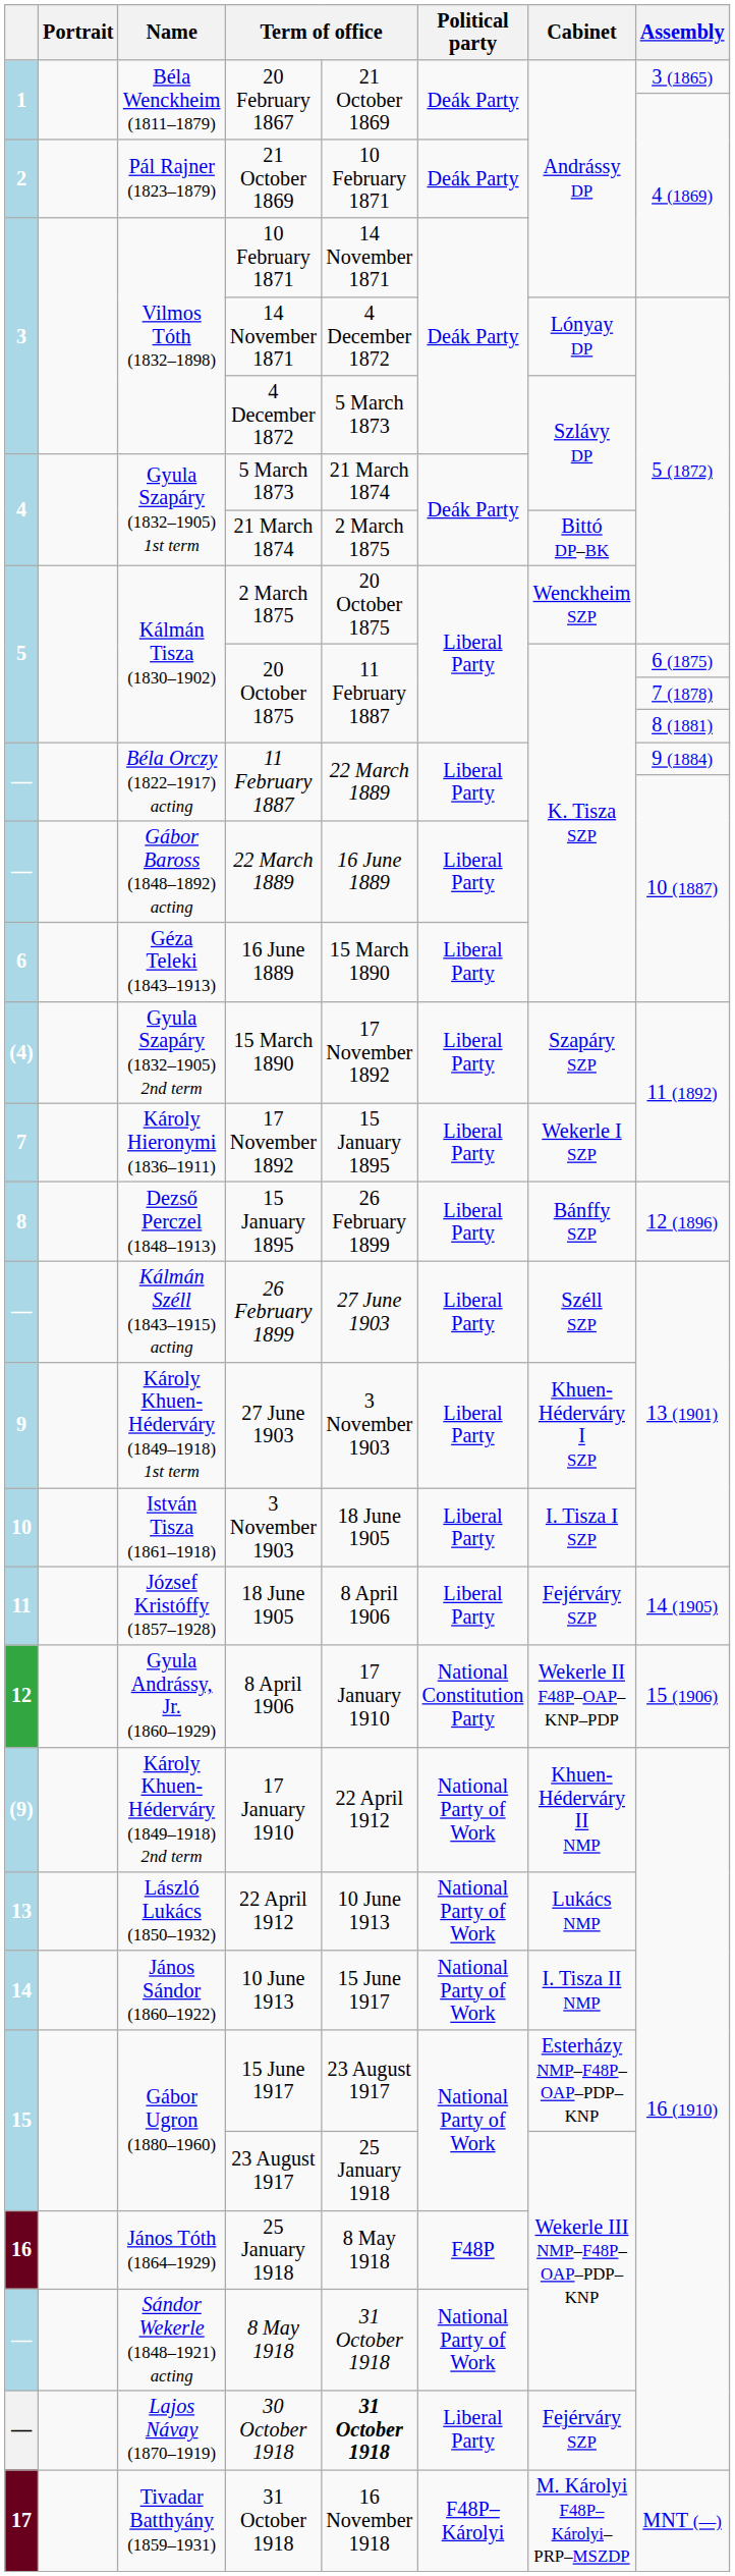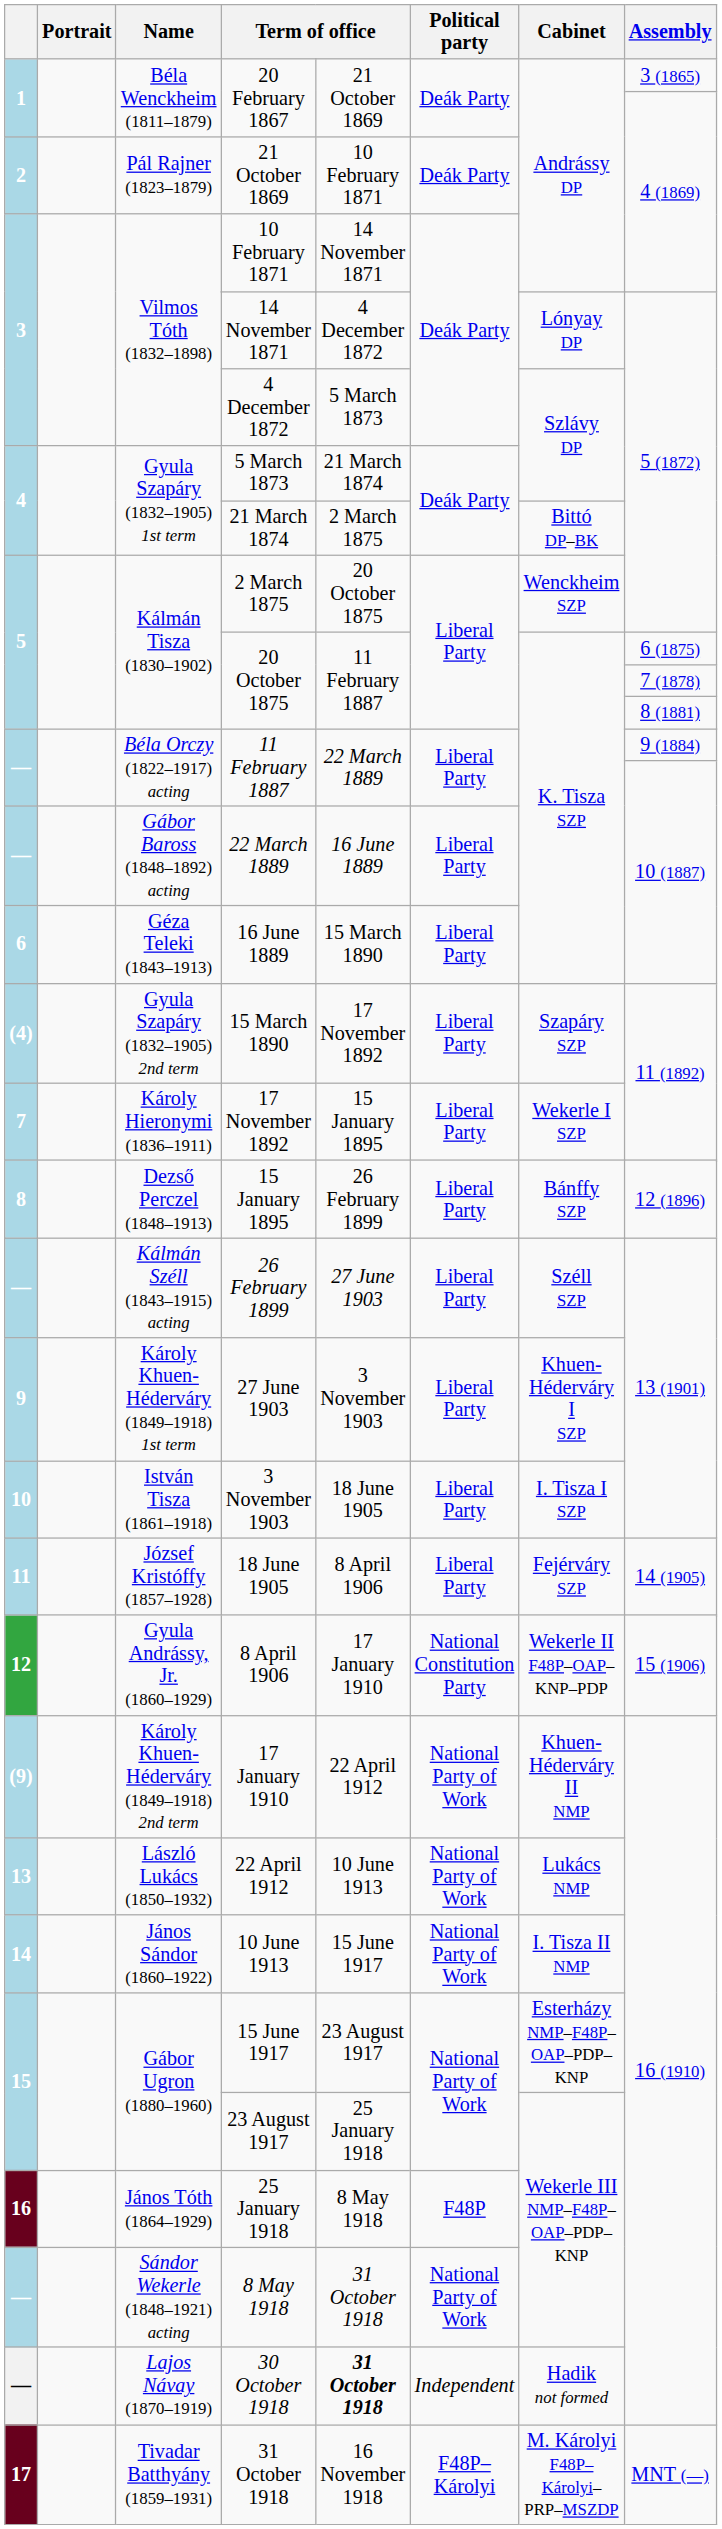 <table class="wikitable" style="width:90%; text-align:center;">
 <tr>
 <th></th>
 <th>Portrait</th>
 <th>Name<br></th>
 <th colspan=2>Term of office</th>
 <th>Political party</th>
 <th>Cabinet</th>
 <th><a href='#'>Assembly</a><br></th>
 </tr>
 <tr>
 <th rowspan="2" style="background:#aad8e6; color:white;">1</th>
 <td rowspan="2"></td>
 <td rowspan="2"><a href='#'>Béla Wenckheim</a><br><small>(1811–1879)</small></td>
 <td rowspan="2">20 February 1867</td>
 <td rowspan="2">21 October 1869</td>
 <td rowspan="2"><a href='#'>Deák Party</a></td>
 <td rowspan="4"><a href='#'>Andrássy</a><br><small><a href='#'>DP</a></small></td>
 <td><a href='#'>3 <small>(1865)</small></a></td>
 </tr>
 <tr>
 <td rowspan="4"><a href='#'>4 <small>(1869)</small></a></td>
 </tr>
 <tr>
 <th style="background:#aad8e6; color:white;">2</th>
 <td></td>
 <td><a href='#'>Pál Rajner</a><br><small>(1823–1879)</small></td>
 <td>21 October 1869</td>
 <td>10 February 1871</td>
 <td><a href='#'>Deák Party</a></td>
 </tr>
 <tr>
 <th rowspan="4" style="background:#aad8e6; color:white;">3</th>
 <td rowspan="4"></td>
 <td rowspan="4"><a href='#'>Vilmos Tóth</a><br><small>(1832–1898)</small></td>
 <td>10 February 1871</td>
 <td>14 November 1871</td>
 <td rowspan="4"><a href='#'>Deák Party</a></td>
 </tr>
 <tr>
 <td rowspan="2">14 November 1871</td>
 <td rowspan="2">4 December 1872</td>
 <td rowspan="2"><a href='#'>Lónyay</a><br><small><a href='#'>DP</a></small></td>
 </tr>
 <tr>
 <td rowspan="5"><a href='#'>5 <small>(1872)</small></a></td>
 </tr>
 <tr>
 <td>4 December 1872</td>
 <td>5 March 1873</td>
 <td rowspan="2"><a href='#'>Szlávy</a><br><small><a href='#'>DP</a></small></td>
 </tr>
 <tr>
 <th rowspan="2" style="background:#aad8e6; color:white;">4</th>
 <td rowspan="2"></td>
 <td rowspan="2"><a href='#'>Gyula Szapáry</a><br><small>(1832–1905)<br><em>1st term</em></small></td>
 <td>5 March 1873</td>
 <td>21 March 1874</td>
 <td rowspan="2"><a href='#'>Deák Party</a></td>
 </tr>
 <tr>
 <td>21 March 1874</td>
 <td>2 March 1875</td>
 <td><a href='#'>Bittó</a><br><small><a href='#'>DP</a>–<a href='#'>BK</a></small></td>
 </tr>
 <tr>
 <th rowspan="5" style="background:#aad8e6; color:white;">5</th>
 <td rowspan="5"></td>
 <td rowspan="5"><a href='#'>Kálmán Tisza</a><br><small>(1830–1902)</small></td>
 <td>2 March 1875</td>
 <td>20 October 1875</td>
 <td rowspan="5"><a href='#'>Liberal Party</a></td>
 <td><a href='#'>Wenckheim</a><br><small><a href='#'>SZP</a></small></td>
 </tr>
 <tr>
 <td rowspan="4">20 October 1875</td>
 <td rowspan="4">11 February 1887</td>
 <td rowspan="8"><a href='#'>K. Tisza</a><br><small><a href='#'>SZP</a></small></td>
 <td><a href='#'>6 <small>(1875)</small></a></td>
 </tr>
 <tr>
 <td><a href='#'>7 <small>(1878)</small></a></td>
 </tr>
 <tr>
 <td><a href='#'>8 <small>(1881)</small></a></td>
 </tr>
 <tr>
 <td rowspan="2"><a href='#'>9 <small>(1884)</small></a></td>
 </tr>
 <tr>
 <th rowspan="2" style="background:#aad8e6; color:white;">—</th>
 <td rowspan="2"></td>
 <td rowspan="2"><em><a href='#'>Béla Orczy</a></em><br><small>(1822–1917)<br><em>acting</em></small></td>
 <td rowspan="2"><em>11 February 1887</em></td>
 <td rowspan="2"><em>22 March 1889</em></td>
 <td rowspan="2"><a href='#'>Liberal Party</a></td>
 </tr>
 <tr>
 <td rowspan="4"><a href='#'>10 <small>(1887)</small></a></td>
 </tr>
 <tr>
 <th style="background:#aad8e6; color:white;">—</th>
 <td></td>
 <td><em><a href='#'>Gábor Baross</a></em><br><small>(1848–1892)<br><em>acting</em></small></td>
 <td><em>22 March 1889</em></td>
 <td><em>16 June 1889</em></td>
 <td><a href='#'>Liberal Party</a></td>
 </tr>
 <tr>
 <th style="background:#aad8e6; color:white;">6</th>
 <td></td>
 <td><a href='#'>Géza Teleki</a><br><small>(1843–1913)</small></td>
 <td>16 June 1889</td>
 <td>15 March 1890</td>
 <td><a href='#'>Liberal Party</a></td>
 </tr>
 <tr>
 <th rowspan="2" style="background:#aad8e6; color:white;">(4)</th>
 <td rowspan="2"></td>
 <td rowspan="2"><a href='#'>Gyula Szapáry</a><br><small>(1832–1905)<br><em>2nd term</em></small></td>
 <td rowspan="2">15 March 1890</td>
 <td rowspan="2">17 November 1892</td>
 <td rowspan="2"><a href='#'>Liberal Party</a></td>
 <td rowspan="2"><a href='#'>Szapáry</a><br><small><a href='#'>SZP</a></small></td>
 </tr>
 <tr>
 <td rowspan="3"><a href='#'>11 <small>(1892)</small></a></td>
 </tr>
 <tr>
 <th style="background:#aad8e6; color:white;">7</th>
 <td></td>
 <td><a href='#'>Károly Hieronymi</a><br><small>(1836–1911)</small></td>
 <td>17 November 1892</td>
 <td>15 January 1895</td>
 <td><a href='#'>Liberal Party</a></td>
 <td><a href='#'>Wekerle I</a><br><small><a href='#'>SZP</a></small></td>
 </tr>
 <tr>
 <th rowspan="2" style="background:#aad8e6; color:white;">8</th>
 <td rowspan="2"></td>
 <td rowspan="2"><a href='#'>Dezső Perczel</a><br><small>(1848–1913)</small></td>
 <td rowspan="2">15 January 1895</td>
 <td rowspan="2">26 February 1899</td>
 <td rowspan="2"><a href='#'>Liberal Party</a></td>
 <td rowspan="2"><a href='#'>Bánffy</a><br><small><a href='#'>SZP</a></small></td>
 </tr>
 <tr>
 <td rowspan="2"><a href='#'>12 <small>(1896)</small></a></td>
 </tr>
 <tr>
 <th rowspan="2" style="background:#aad8e6; color:white;">—</th>
 <td rowspan="2"></td>
 <td rowspan="2"><em><a href='#'>Kálmán Széll</a></em><br><small>(1843–1915)<br><em>acting</em></small></td>
 <td rowspan="2"><em>26 February 1899</em></td>
 <td rowspan="2"><em>27 June 1903</em></td>
 <td rowspan="2"><a href='#'>Liberal Party</a></td>
 <td rowspan="2"><a href='#'>Széll</a><br><small><a href='#'>SZP</a></small></td>
 </tr>
 <tr>
 <td rowspan="3"><a href='#'>13 <small>(1901)</small></a></td>
 </tr>
 <tr>
 <th style="background:#aad8e6; color:white;">9</th>
 <td></td>
 <td><a href='#'>Károly Khuen-Héderváry</a><br><small>(1849–1918)<br><em>1st term</em></small></td>
 <td>27 June 1903</td>
 <td>3 November 1903</td>
 <td><a href='#'>Liberal Party</a></td>
 <td><a href='#'>Khuen-Héderváry I</a><br><small><a href='#'>SZP</a></small></td>
 </tr>
 <tr>
 <th style="background:#aad8e6; color:white;">10</th>
 <td></td>
 <td><a href='#'>István Tisza</a><br><small>(1861–1918)</small></td>
 <td>3 November 1903</td>
 <td>18 June 1905</td>
 <td><a href='#'>Liberal Party</a></td>
 <td><a href='#'>I. Tisza I</a><br><small><a href='#'>SZP</a></small></td>
 </tr>
 <tr>
 <th style="background:#aad8e6; color:white;">11</th>
 <td></td>
 <td><a href='#'>József Kristóffy</a><br><small>(1857–1928)</small></td>
 <td>18 June 1905</td>
 <td>8 April 1906</td>
 <td><a href='#'>Liberal Party</a></td>
 <td><a href='#'>Fejérváry</a><br><small><a href='#'>SZP</a></small></td>
 <td rowspan="2"><a href='#'>14 <small>(1905)</small></a></td>
 </tr>
 <tr>
 <th rowspan="2" style="background:#32a640; color:white;">12</th>
 <td rowspan="2"></td>
 <td rowspan="2"><a href='#'>Gyula Andrássy, Jr.</a><br><small>(1860–1929)</small></td>
 <td rowspan="2">8 April 1906</td>
 <td rowspan="2">17 January 1910</td>
 <td rowspan="2"><a href='#'>National Constitution Party</a></td>
 <td rowspan="2"><a href='#'>Wekerle II</a><br><small><a href='#'>F48P</a>–<a href='#'>OAP</a>–KNP–PDP</small></td>
 </tr>
 <tr>
 <td rowspan="2"><a href='#'>15 <small>(1906)</small></a></td>
 </tr>
 <tr>
 <th rowspan="2" style="background:#aad8e6; color:white;">(9)</th>
 <td rowspan="2"></td>
 <td rowspan="2"><a href='#'>Károly Khuen-Héderváry</a><br><small>(1849–1918)<br><em>2nd term</em></small></td>
 <td rowspan="2">17 January 1910</td>
 <td rowspan="2">22 April 1912</td>
 <td rowspan="2"><a href='#'>National Party of Work</a></td>
 <td rowspan="2"><a href='#'>Khuen-Héderváry II</a><br><small><a href='#'>NMP</a></small></td>
 </tr>
 <tr>
 <td rowspan="8"><a href='#'>16 <small>(1910)</small></a></td>
 </tr>
 <tr>
 <th style="background:#aad8e6; color:white;">13</th>
 <td></td>
 <td><a href='#'>László Lukács</a><br><small>(1850–1932)</small></td>
 <td>22 April 1912</td>
 <td>10 June 1913</td>
 <td><a href='#'>National Party of Work</a></td>
 <td><a href='#'>Lukács</a><br><small><a href='#'>NMP</a></small></td>
 </tr>
 <tr>
 <th style="background:#aad8e6; color:white;">14</th>
 <td></td>
 <td><a href='#'>János Sándor</a><br><small>(1860–1922)</small></td>
 <td>10 June 1913</td>
 <td>15 June 1917</td>
 <td><a href='#'>National Party of Work</a></td>
 <td><a href='#'>I. Tisza II</a><br><small><a href='#'>NMP</a></small></td>
 </tr>
 <tr>
 <th rowspan="2" style="background:#aad8e6; color:white;">15</th>
 <td rowspan="2"></td>
 <td rowspan="2"><a href='#'>Gábor Ugron</a><br><small>(1880–1960)</small></td>
 <td>15 June 1917</td>
 <td>23 August 1917</td>
 <td rowspan="2"><a href='#'>National Party of Work</a></td>
 <td><a href='#'>Esterházy</a><br><small><a href='#'>NMP</a>–<a href='#'>F48P</a>–<a href='#'>OAP</a>–PDP–KNP</small></td>
 </tr>
 <tr>
 <td>23 August 1917</td>
 <td>25 January 1918</td>
 <td rowspan="3"><a href='#'>Wekerle III</a><br><small><a href='#'>NMP</a>–<a href='#'>F48P</a>–<a href='#'>OAP</a>–PDP–KNP</small></td>
 </tr>
 <tr>
 <th style="background:#68001d; color:white;">16</th>
 <td></td>
 <td><a href='#'>János Tóth</a><br><small>(1864–1929)</small></td>
 <td>25 January 1918</td>
 <td>8 May 1918</td>
 <td><a href='#'>F48P</a></td>
 </tr>
 <tr>
 <th style="background:#aad8e6; color:white;">—</th>
 <td></td>
 <td><em><a href='#'>Sándor Wekerle</a></em><br><small>(1848–1921)<br><em>acting</em></small></td>
 <td><em>8 May 1918</em></td>
 <td><em>31 October 1918</em></td>
 <td><a href='#'>National Party of Work</a></td>
 </tr>
 <tr>
 <th style="background:">—</th>
 <td></td>
 <td><em><a href='#'>Lajos Návay</a></em><br><small>(1870–1919)</small></td>
 <td><em>30 October 1918</em></td>
 <td><strong><em>31 October 1918</em></strong></td>
-<td><a href='#'>Liberal Party</a></td>
-<td><a href='#'>Fejérváry</a><br><small><a href='#'>SZP</a></small></td>
+<td><em>Independent</em></td>
+<td><a href='#'>Hadik</a><br><small><em>not formed</em></small></td>
 </tr>
 <tr>
 <th style="background:#68001d; color:white;">17</th>
 <td></td>
 <td><a href='#'>Tivadar Batthyány</a><br><small>(1859–1931)</small></td>
 <td>31 October 1918</td>
 <td>16 November 1918</td>
 <td><a href='#'>F48P–Károlyi</a></td>
 <td><a href='#'>M. Károlyi</a><br><small><a href='#'>F48P–Károlyi</a>–PRP–<a href='#'>MSZDP</a></small></td>
 <td><a href='#'>MNT <small>(—)</small></a></td>
 </tr>
 </table>
